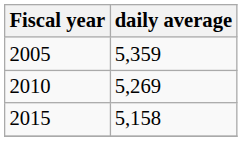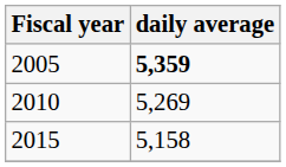 <table class="wikitable">
 <tr>
 <th>Fiscal year</th>
 <th>daily average</th>
 </tr>
 <tr>
 <td>2005</td>
-<td>5,359</td>
+<td><strong>5,359</strong></td>
 </tr>
 <tr>
 <td>2010</td>
 <td>5,269</td>
 </tr>
 <tr>
 <td>2015</td>
 <td>5,158</td>
 </tr>
 <tr>
 </tr>
 </table>
